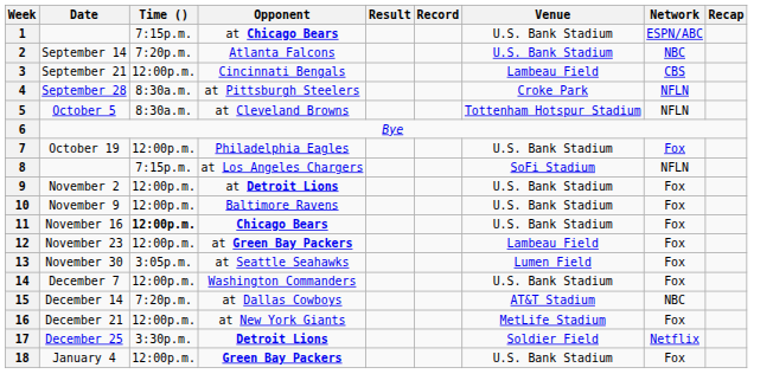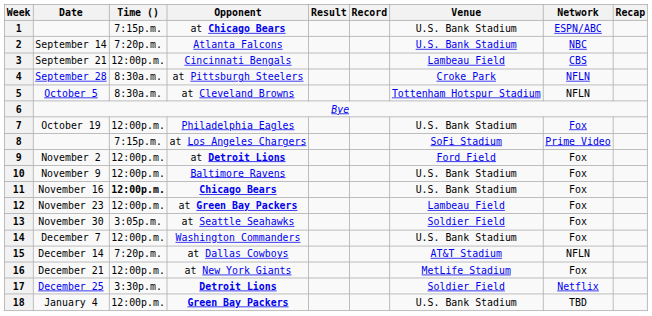 <table class="wikitable" style="text-align:center">
 <tr>
 <th>Week</th>
 <th>Date</th>
 <th>Time (<a href='#'></a>)</th>
 <th>Opponent</th>
 <th>Result</th>
 <th>Record</th>
 <th>Venue</th>
 <th>Network</th>
 <th>Recap</th>
 </tr>
 <tr>
 <th>1 </th>
 <td></td>
 <td>7:15p.m.</td>
 <td>at <strong><a href='#'>Chicago Bears</a></strong></td>
 <td></td>
 <td></td>
 <td>U.S. Bank Stadium</td>
 <td><a href='#'>ESPN/ABC</a></td>
 <td></td>
 </tr>
 <tr>
 <th>2 </th>
 <td>September 14</td>
 <td>7:20p.m.</td>
 <td><a href='#'>Atlanta Falcons</a></td>
 <td></td>
 <td></td>
 <td><a href='#'>U.S. Bank Stadium</a></td>
 <td><a href='#'>NBC</a></td>
 <td></td>
 </tr>
 <tr>
 <th>3 </th>
 <td>September 21</td>
 <td>12:00p.m.</td>
 <td><a href='#'>Cincinnati Bengals</a></td>
 <td></td>
 <td></td>
 <td><a href='#'>Lambeau Field</a></td>
 <td><a href='#'>CBS</a></td>
 <td></td>
 </tr>
 <tr>
 <th>4 </th>
 <td><a href='#'>September 28</a></td>
 <td>8:30a.m.</td>
 <td>at <a href='#'>Pittsburgh Steelers</a></td>
 <td></td>
 <td></td>
 <td> <a href='#'>Croke Park</a> </td>
 <td><a href='#'>NFLN</a></td>
 <td></td>
 </tr>
 <tr>
 <th>5 </th>
 <td><a href='#'>October 5</a></td>
 <td>8:30a.m.</td>
 <td>at <a href='#'>Cleveland Browns</a></td>
 <td></td>
 <td></td>
 <td> <a href='#'>Tottenham Hotspur Stadium</a> </td>
 <td>NFLN</td>
 <td></td>
 </tr>
 <tr>
 <th>6</th>
 <td colspan=8><em><a href='#'>Bye</a></em></td>
 </tr>
 <tr>
 <th>7 </th>
 <td>October 19</td>
 <td>12:00p.m.</td>
 <td><a href='#'>Philadelphia Eagles</a></td>
 <td></td>
 <td></td>
 <td>U.S. Bank Stadium</td>
 <td><a href='#'>Fox</a></td>
 <td></td>
 </tr>
 <tr>
 <th>8 </th>
 <td></td>
 <td>7:15p.m.</td>
 <td>at <a href='#'>Los Angeles Chargers</a></td>
 <td></td>
 <td></td>
 <td><a href='#'>SoFi Stadium</a></td>
-<td>NFLN</td>
+<td><a href='#'>Prime Video</a></td>
 <td></td>
 </tr>
 <tr>
 <th>9 </th>
 <td>November 2</td>
 <td>12:00p.m.</td>
 <td>at <strong><a href='#'>Detroit Lions</a></strong></td>
 <td></td>
 <td></td>
-<td>U.S. Bank Stadium</td>
+<td><a href='#'>Ford Field</a></td>
 <td>Fox</td>
 <td></td>
 </tr>
 <tr>
 <th>10 </th>
 <td>November 9</td>
 <td>12:00p.m.</td>
 <td><a href='#'>Baltimore Ravens</a></td>
 <td></td>
 <td></td>
 <td>U.S. Bank Stadium</td>
 <td>Fox</td>
 <td></td>
 </tr>
 <tr>
 <th>11 </th>
 <td>November 16</td>
 <td><strong>12:00p.m.</strong></td>
 <td><strong><a href='#'>Chicago Bears</a></strong></td>
 <td></td>
 <td></td>
 <td>U.S. Bank Stadium</td>
 <td>Fox</td>
 <td></td>
 </tr>
 <tr>
 <th>12 </th>
 <td>November 23</td>
 <td>12:00p.m.</td>
 <td>at <strong><a href='#'>Green Bay Packers</a></strong></td>
 <td></td>
 <td></td>
 <td><a href='#'>Lambeau Field</a></td>
 <td>Fox</td>
 <td></td>
 </tr>
 <tr>
 <th>13 </th>
 <td>November 30</td>
 <td>3:05p.m.</td>
 <td>at <a href='#'>Seattle Seahawks</a></td>
 <td></td>
 <td></td>
-<td><a href='#'>Lumen Field</a></td>
+<td><a href='#'>Soldier Field</a></td>
 <td>Fox</td>
 <td></td>
 </tr>
 <tr>
 <th>14 </th>
 <td>December 7</td>
 <td>12:00p.m.</td>
 <td><a href='#'>Washington Commanders</a></td>
 <td></td>
 <td></td>
 <td>U.S. Bank Stadium</td>
 <td>Fox</td>
 <td></td>
 </tr>
 <tr>
 <th>15 </th>
 <td>December 14</td>
 <td>7:20p.m.</td>
 <td>at <a href='#'>Dallas Cowboys</a></td>
 <td></td>
 <td></td>
 <td><a href='#'>AT&T Stadium</a></td>
-<td>NBC</td>
+<td>NFLN</td>
 <td></td>
 </tr>
 <tr>
 <th>16 </th>
 <td>December 21</td>
 <td>12:00p.m.</td>
 <td>at <a href='#'>New York Giants</a></td>
 <td></td>
 <td></td>
 <td><a href='#'>MetLife Stadium</a></td>
 <td>Fox</td>
 <td></td>
 </tr>
 <tr>
 <th>17 </th>
 <td><a href='#'>December 25</a></td>
 <td>3:30p.m.</td>
 <td><strong><a href='#'>Detroit Lions</a></strong></td>
 <td></td>
 <td></td>
 <td><a href='#'>Soldier Field</a></td>
 <td><a href='#'>Netflix</a></td>
 <td></td>
 </tr>
 <tr>
 <th>18 </th>
 <td>January 4</td>
 <td>12:00p.m.</td>
 <td><strong><a href='#'>Green Bay Packers</a></strong></td>
 <td></td>
 <td></td>
 <td>U.S. Bank Stadium</td>
-<td>Fox</td>
+<td>TBD</td>
 <td></td>
 </tr>
 </table>
